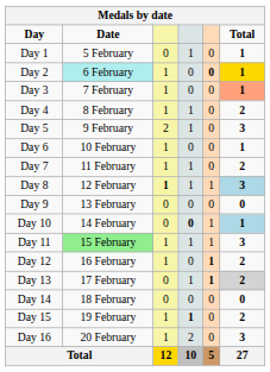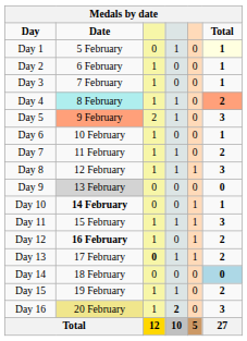 <table class=wikitable style="font-size:85%;float:right;clear:right;text-align:center;min-width:308px;">
 <tr style="background=#EFEFEF;">
 <th colspan=6>Medals by date</th>
 </tr>
 <tr>
 <td><strong>Day</strong></td>
 <td><strong>Date</strong></td>
 <td bgcolor=#f7f6a8></td>
 <td bgcolor=#dce5e5></td>
 <td bgcolor=#ffdab9></td>
 <td><strong>Total</strong></td>
 </tr>
 <tr>
 <td>Day 1</td>
 <td>5 February</td>
 <td bgcolor=F7F6A8>0</td>
 <td bgcolor=DCE5E5>1</td>
 <td bgcolor=FFDAB9>0</td>
-<td><strong>1</strong></td>
+<td style="background: lightyellow;"><strong>1</strong></td>
 </tr>
 <tr>
 <td>Day 2</td>
-<td style="background: paleturquoise;">6 February</td>
+<td>6 February</td>
 <td bgcolor=F7F6A8>1</td>
 <td bgcolor=DCE5E5>0</td>
-<td bgcolor=FFDAB9><strong>0</strong></td>
-<td style="background: gold;"><strong>1</strong></td>
+<td bgcolor=FFDAB9>0</td>
+<td><strong>1</strong></td>
 </tr>
 <tr>
 <td>Day 3</td>
 <td>7 February</td>
 <td bgcolor=F7F6A8>1</td>
 <td bgcolor=DCE5E5>0</td>
 <td bgcolor=FFDAB9>0</td>
-<td style="background: lightsalmon;"><strong>1</strong></td>
+<td><strong>1</strong></td>
 </tr>
 <tr>
 <td>Day 4</td>
-<td>8 February</td>
+<td style="background: paleturquoise;">8 February</td>
 <td bgcolor=F7F6A8>1</td>
 <td bgcolor=DCE5E5>1</td>
 <td bgcolor=FFDAB9>0</td>
-<td><strong>2</strong></td>
+<td style="background: lightsalmon;"><strong>2</strong></td>
 </tr>
 <tr>
 <td>Day 5</td>
-<td>9 February</td>
+<td style="background: lightsalmon;">9 February</td>
 <td bgcolor=F7F6A8>2</td>
 <td bgcolor=DCE5E5>1</td>
 <td bgcolor=FFDAB9>0</td>
 <td><strong>3</strong></td>
 </tr>
 <tr>
 <td>Day 6</td>
 <td>10 February</td>
 <td bgcolor=F7F6A8>1</td>
 <td bgcolor=DCE5E5>0</td>
 <td bgcolor=FFDAB9>0</td>
 <td><strong>1</strong></td>
 </tr>
 <tr>
 <td>Day 7</td>
 <td>11 February</td>
 <td bgcolor=F7F6A8>1</td>
 <td bgcolor=DCE5E5>1</td>
 <td bgcolor=FFDAB9>0</td>
 <td><strong>2</strong></td>
 </tr>
 <tr>
 <td>Day 8</td>
 <td>12 February</td>
-<td bgcolor=F7F6A8><strong>1</strong></td>
+<td bgcolor=F7F6A8>1</td>
 <td bgcolor=DCE5E5>1</td>
 <td bgcolor=FFDAB9>1</td>
-<td style="background: lightblue;"><strong>3</strong></td>
+<td><strong>3</strong></td>
 </tr>
 <tr>
 <td>Day 9</td>
-<td>13 February</td>
+<td style="background: lightgrey;">13 February</td>
 <td bgcolor=F7F6A8>0</td>
 <td bgcolor=DCE5E5>0</td>
 <td bgcolor=FFDAB9>0</td>
 <td><strong>0</strong></td>
 </tr>
 <tr>
 <td>Day 10</td>
-<td>14 February</td>
+<td><strong>14 February</strong></td>
 <td bgcolor=F7F6A8>0</td>
-<td bgcolor=DCE5E5><strong>0</strong></td>
+<td bgcolor=DCE5E5>0</td>
 <td bgcolor=FFDAB9>1</td>
-<td style="background: lightblue;"><strong>1</strong></td>
+<td><strong>1</strong></td>
 </tr>
 <tr>
 <td>Day 11</td>
-<td style="background: lightgreen;">15 February</td>
+<td>15 February</td>
 <td bgcolor=F7F6A8>1</td>
 <td bgcolor=DCE5E5>1</td>
 <td bgcolor=FFDAB9>1</td>
 <td><strong>3</strong></td>
 </tr>
 <tr>
 <td>Day 12</td>
-<td>16 February</td>
+<td><strong>16 February</strong></td>
 <td bgcolor=F7F6A8>1</td>
 <td bgcolor=DCE5E5>0</td>
-<td bgcolor=FFDAB9><strong>1</strong></td>
+<td bgcolor=FFDAB9>1</td>
 <td><strong>2</strong></td>
 </tr>
 <tr>
 <td>Day 13</td>
 <td>17 February</td>
-<td bgcolor=F7F6A8>0</td>
+<td bgcolor=F7F6A8><strong>0</strong></td>
 <td bgcolor=DCE5E5>1</td>
-<td bgcolor=FFDAB9><strong>1</strong></td>
-<td style="background: lightgrey;"><strong>2</strong></td>
+<td bgcolor=FFDAB9>1</td>
+<td><strong>2</strong></td>
 </tr>
 <tr>
 <td>Day 14</td>
 <td>18 February</td>
 <td bgcolor=F7F6A8>0</td>
 <td bgcolor=DCE5E5>0</td>
 <td bgcolor=FFDAB9>0</td>
-<td><strong>0</strong></td>
+<td style="background: lightblue;"><strong>0</strong></td>
 </tr>
 <tr>
 <td>Day 15</td>
 <td>19 February</td>
 <td bgcolor=F7F6A8>1</td>
-<td bgcolor=DCE5E5><strong>1</strong></td>
+<td bgcolor=DCE5E5>1</td>
 <td bgcolor=FFDAB9>0</td>
 <td><strong>2</strong></td>
 </tr>
 <tr>
 <td>Day 16</td>
-<td>20 February</td>
+<td style="background: khaki;">20 February</td>
 <td bgcolor=F7F6A8>1</td>
-<td bgcolor=DCE5E5>2</td>
+<td bgcolor=DCE5E5><strong>2</strong></td>
 <td bgcolor=FFDAB9>0</td>
 <td><strong>3</strong></td>
 </tr>
 <tr>
 <th colspan="2">Total</th>
 <th style="background:gold">12</th>
 <th style="background:silver">10</th>
 <th style="background:#c96">5</th>
 <th>27</th>
 </tr>
 </table>
